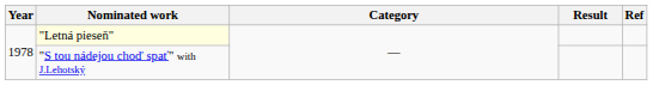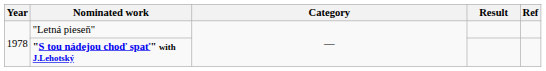 <table class="wikitable">
 <tr>
 <th style="width:10px;">Year</th>
 <th style="width:237px;">Nominated work</th>
 <th style="width:410px;">Category</th>
 <th style="width:73px;">Result</th>
 <th>Ref</th>
 </tr>
 <tr>
 <td rowspan=2>1978</td>
-<td style="background: lightyellow;">"Letná pieseň"</td>
+<td>"Letná pieseň"</td>
 <td rowspan=2 align=center>—</td>
 <td></td>
 <td align=center></td>
 </tr>
 <tr>
-<td>"<a href='#'>S tou nádejou choď spať</a>" <small>with <a href='#'>J.Lehotský</a></small></td>
+<td><strong>"<a href='#'>S tou nádejou choď spať</a>" <small>with <a href='#'>J.Lehotský</a></small></strong></td>
 <td></td>
 <td align=center></td>
 </tr>
 </table>
